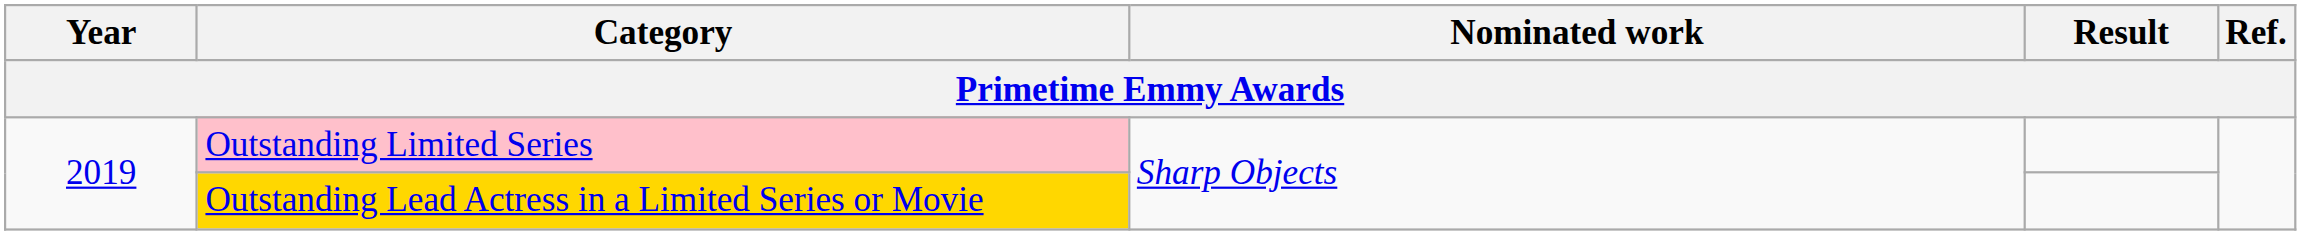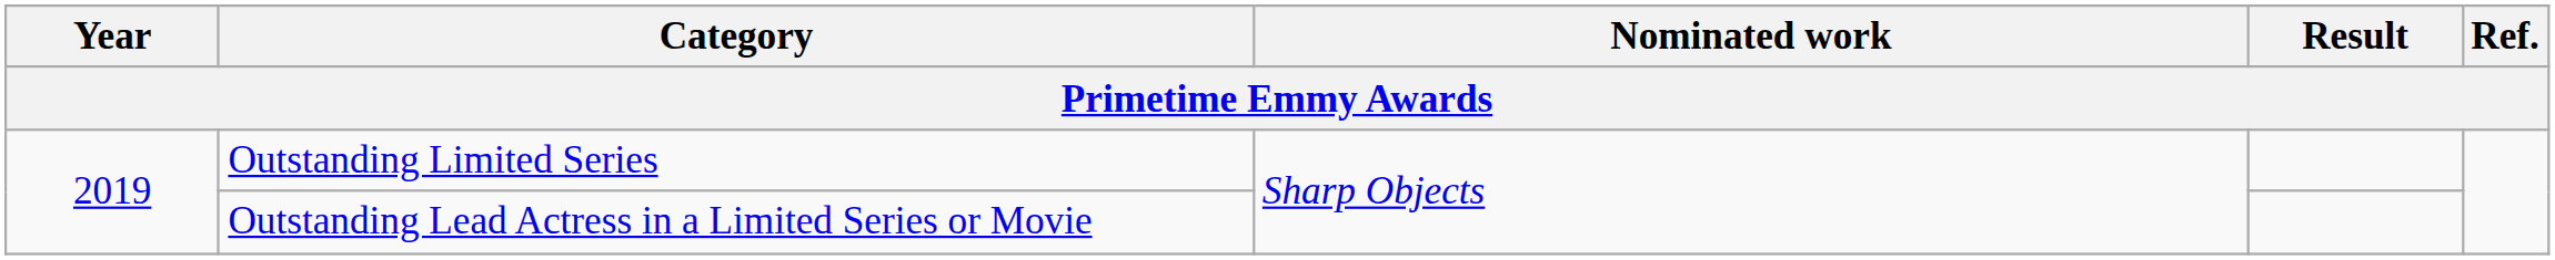 <table class=wikitable>
 <tr>
 <th scope="col" style="width:5em;">Year</th>
 <th scope="col" style="width:26em;">Category</th>
 <th scope="col" style="width:25em;">Nominated work</th>
 <th scope="col" style="width:5em;">Result</th>
 <th>Ref.</th>
 </tr>
 <tr>
 <th colspan=5><a href='#'>Primetime Emmy Awards</a></th>
 </tr>
 <tr>
 <td style="text-align:center;", rowspan="2"><a href='#'>2019</a></td>
-<td style="background: pink;"><a href='#'>Outstanding Limited Series</a></td>
+<td><a href='#'>Outstanding Limited Series</a></td>
 <td rowspan="2"><em><a href='#'>Sharp Objects</a></em></td>
 <td></td>
 <td style="text-align:center;" rowspan="2"></td>
 </tr>
 <tr>
-<td style="background: gold;"><a href='#'>Outstanding Lead Actress in a Limited Series or Movie</a></td>
+<td><a href='#'>Outstanding Lead Actress in a Limited Series or Movie</a></td>
 <td></td>
 </tr>
 </table>
